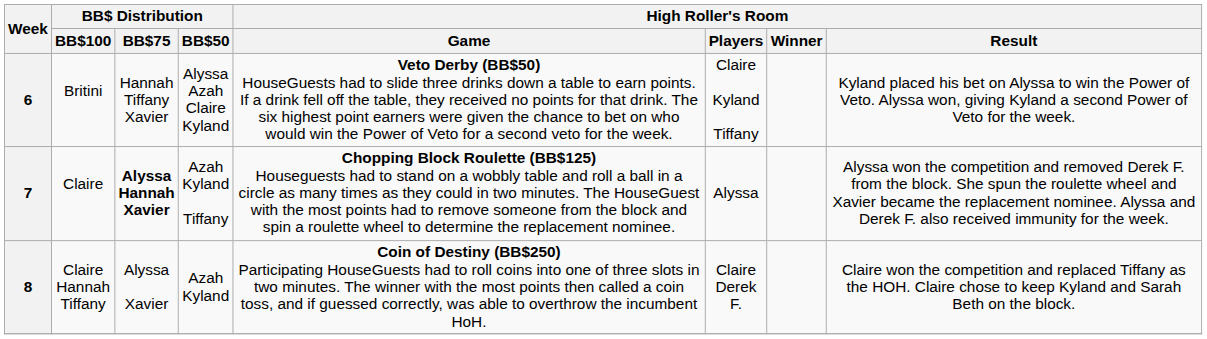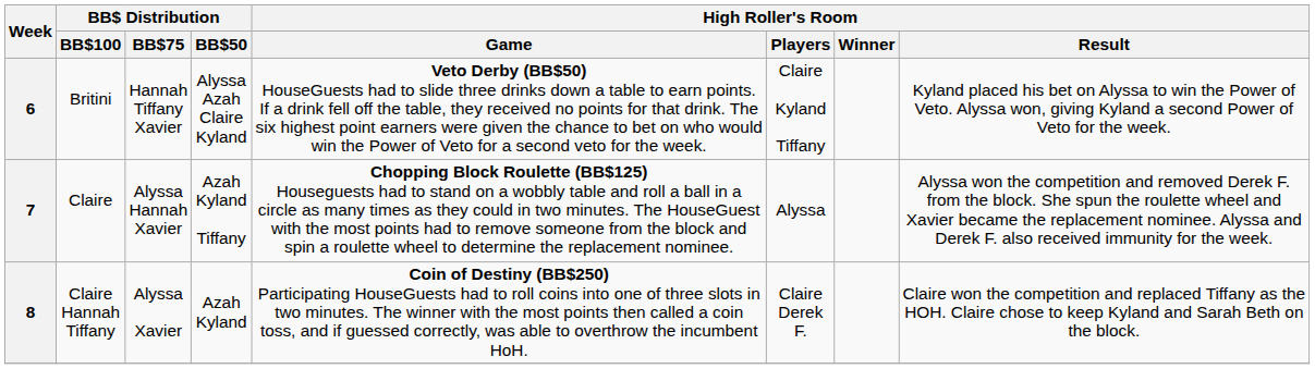 <table class="wikitable" style="text-align:center;">
 <tr>
 <th scope="col" rowspan="2">Week</th>
 <th scope="colgroup" colspan="3">BB$ Distribution</th>
 <th scope="colgroup" colspan="4">High Roller's Room</th>
 </tr>
 <tr>
 <th scope="col">BB$100</th>
 <th scope="col">BB$75</th>
 <th scope="col">BB$50</th>
 <th scope="col">Game</th>
 <th scope="col">Players</th>
 <th scope="col">Winner</th>
 <th scope="col">Result</th>
 </tr>
 <tr>
 <th scope="row">6</th>
 <td>Britini<br><br></td>
 <td>Hannah<br>Tiffany<br>Xavier</td>
 <td>Alyssa<br>Azah<br>Claire<br>Kyland<br></td>
 <td><strong>Veto Derby (BB$50)</strong><br>HouseGuests had to slide three drinks down a table to earn points. If a drink fell off the table, they received no points for that drink. The six highest point earners were given the chance to bet on who would win the Power of Veto for a second veto for the week.</td>
 <td>Claire<br><br>Kyland<br><br>Tiffany</td>
 <td></td>
 <td>Kyland placed his bet on Alyssa to win the Power of Veto. Alyssa won, giving Kyland a second Power of Veto for the week.</td>
 </tr>
 <tr>
 <th scope="row">7</th>
 <td>Claire<br><br></td>
-<td><strong>Alyssa<br>Hannah<br>Xavier</strong></td>
+<td>Alyssa<br>Hannah<br>Xavier</td>
 <td>Azah<br>Kyland<br><br>Tiffany</td>
 <td><strong>Chopping Block Roulette (BB$125)</strong><br>Houseguests had to stand on a wobbly table and roll a ball in a circle as many times as they could in two minutes. The HouseGuest with the most points had to remove someone from the block and spin a roulette wheel to determine the replacement nominee.</td>
 <td>Alyssa</td>
 <td></td>
 <td>Alyssa won the competition and removed Derek F. from the block. She spun the roulette wheel and Xavier became the replacement nominee. Alyssa and Derek F. also received immunity for the week.</td>
 </tr>
 <tr>
 <th scope="row">8</th>
 <td>Claire<br>Hannah<br>Tiffany</td>
 <td>Alyssa<br><br>Xavier</td>
 <td>Azah<br>Kyland<br></td>
 <td><strong>Coin of Destiny (BB$250)</strong><br>Participating HouseGuests had to roll coins into one of three slots in two minutes. The winner with the most points then called a coin toss, and if guessed correctly, was able to overthrow the incumbent HoH.</td>
 <td>Claire<br>Derek F.</td>
 <td></td>
 <td>Claire won the competition and replaced Tiffany as the HOH. Claire chose to keep Kyland and Sarah Beth on the block.</td>
 </tr>
 <tr>
 </tr>
 </table>
